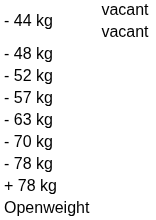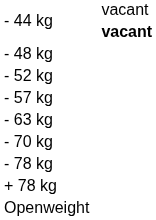 <table>
 <tr>
 <td rowspan=2>- 44 kg<br></td>
 <td rowspan=2></td>
 <td rowspan=2></td>
 <td>vacant</td>
 </tr>
 <tr>
-<td>vacant</td>
+<td><strong>vacant</strong></td>
 </tr>
 <tr>
 <td rowspan=2>- 48 kg<br></td>
 <td rowspan=2></td>
 <td rowspan=2></td>
 <td></td>
 </tr>
 <tr>
 <td></td>
 </tr>
 <tr>
 <td rowspan=2>- 52 kg<br></td>
 <td rowspan=2></td>
 <td rowspan=2></td>
 <td></td>
 </tr>
 <tr>
 <td></td>
 </tr>
 <tr>
 <td rowspan=2>- 57 kg<br></td>
 <td rowspan=2></td>
 <td rowspan=2></td>
 <td></td>
 </tr>
 <tr>
 <td></td>
 </tr>
 <tr>
 <td rowspan=2>- 63 kg<br></td>
 <td rowspan=2></td>
 <td rowspan=2></td>
 <td></td>
 </tr>
 <tr>
 <td></td>
 </tr>
 <tr>
 <td rowspan=2>- 70 kg<br></td>
 <td rowspan=2></td>
 <td rowspan=2></td>
 <td></td>
 </tr>
 <tr>
 <td></td>
 </tr>
 <tr>
 <td rowspan=2>- 78 kg<br></td>
 <td rowspan=2></td>
 <td rowspan=2></td>
 <td></td>
 </tr>
 <tr>
 <td></td>
 </tr>
 <tr>
 <td rowspan=2>+ 78 kg<br></td>
 <td rowspan=2></td>
 <td rowspan=2></td>
 <td></td>
 </tr>
 <tr>
 <td></td>
 </tr>
 <tr>
 <td rowspan=2>Openweight<br></td>
 <td rowspan=2></td>
 <td rowspan=2></td>
 <td></td>
 </tr>
 <tr>
 <td></td>
 </tr>
 </table>
